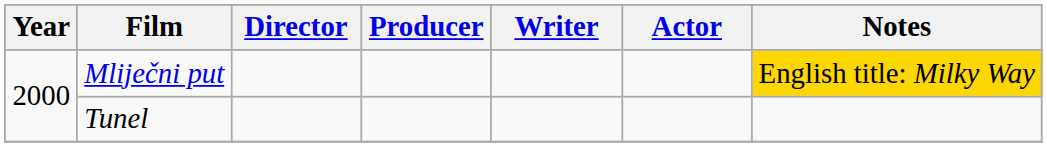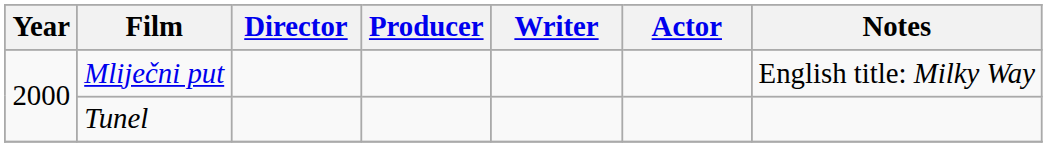 <table class="wikitable sortable" style="text-align:center">
 <tr>
 <th style="width:33px;">Year</th>
 <th>Film</th>
 <th style="width:65px;"><a href='#'>Director</a></th>
 <th width=65><a href='#'>Producer</a></th>
 <th width=65><a href='#'>Writer</a></th>
 <th width=65><a href='#'>Actor</a></th>
 <th>Notes</th>
 </tr>
 <tr>
 <td rowspan="2">2000</td>
 <td style="text-align:left"><em><a href='#'>Mliječni put</a></em></td>
 <td></td>
 <td></td>
 <td></td>
 <td></td>
-<td style="background: gold;">English title: <em>Milky Way</em></td>
+<td>English title: <em>Milky Way</em></td>
 </tr>
 <tr>
 <td style="text-align:left"><em>Tunel</em></td>
 <td></td>
 <td></td>
 <td></td>
 <td></td>
 <td></td>
 </tr>
 <tr>
 </tr>
 </table>
